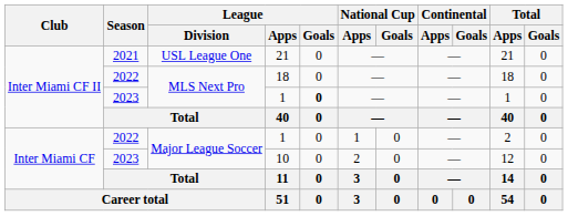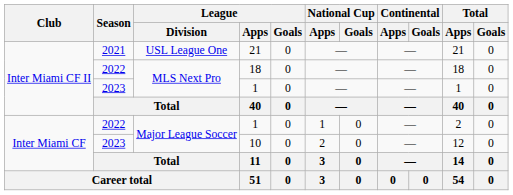 <table class=wikitable style=text-align:center>
 <tr>
 <th rowspan=2>Club</th>
 <th rowspan=2>Season</th>
 <th colspan=3>League</th>
 <th colspan=2>National Cup</th>
 <th colspan=2>Continental</th>
 <th colspan=2>Total</th>
 </tr>
 <tr>
 <th>Division</th>
 <th>Apps</th>
 <th>Goals</th>
 <th>Apps</th>
 <th>Goals</th>
 <th>Apps</th>
 <th>Goals</th>
 <th>Apps</th>
 <th>Goals</th>
 </tr>
 <tr>
 <td rowspan="4"><a href='#'>Inter Miami CF II</a></td>
 <td><a href='#'>2021</a></td>
 <td><a href='#'>USL League One</a></td>
 <td>21</td>
 <td>0</td>
 <td colspan=2>—</td>
 <td colspan=2>—</td>
 <td>21</td>
 <td>0</td>
 </tr>
 <tr>
 <td><a href='#'>2022</a></td>
 <td rowspan="2"><a href='#'>MLS Next Pro</a></td>
 <td>18</td>
 <td>0</td>
 <td colspan=2>—</td>
 <td colspan=2>—</td>
 <td>18</td>
 <td>0</td>
 </tr>
 <tr>
 <td><a href='#'>2023</a></td>
 <td>1</td>
-<td><strong>0</strong></td>
+<td>0</td>
 <td colspan=2>—</td>
 <td colspan=2>—</td>
 <td>1</td>
 <td>0</td>
 </tr>
 <tr>
 <th colspan="2">Total</th>
 <th>40</th>
 <th>0</th>
 <th colspan=2>—</th>
 <th colspan=2>—</th>
 <th>40</th>
 <th>0</th>
 </tr>
 <tr>
 <td rowspan="3"><a href='#'>Inter Miami CF</a></td>
 <td><a href='#'>2022</a></td>
 <td rowspan="2"><a href='#'>Major League Soccer</a></td>
 <td>1</td>
 <td>0</td>
 <td>1</td>
 <td>0</td>
 <td colspan=2>—</td>
 <td>2</td>
 <td>0</td>
 </tr>
 <tr>
 <td><a href='#'>2023</a></td>
 <td>10</td>
 <td>0</td>
 <td>2</td>
 <td>0</td>
 <td colspan=2>—</td>
 <td>12</td>
 <td>0</td>
 </tr>
 <tr>
 <th colspan="2">Total</th>
 <th>11</th>
 <th>0</th>
 <th>3</th>
 <th>0</th>
 <th colspan=2>—</th>
 <th>14</th>
 <th>0</th>
 </tr>
 <tr>
 <th colspan=3>Career total</th>
 <th>51</th>
 <th>0</th>
 <th>3</th>
 <th>0</th>
 <th>0</th>
 <th>0</th>
 <th>54</th>
 <th>0</th>
 </tr>
 </table>
